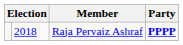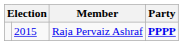 <table class="wikitable">
 <tr>
 <th colspan="2">Election</th>
 <th>Member</th>
 <th>Party</th>
 </tr>
 <tr>
 <td style="background-color: "></td>
-<td><a href='#'>2018</a></td>
+<td><a href='#'>2015</a></td>
 <td><a href='#'>Raja Pervaiz Ashraf</a></td>
 <td><strong><a href='#'>PPPP</a></strong></td>
 </tr>
 </table>
